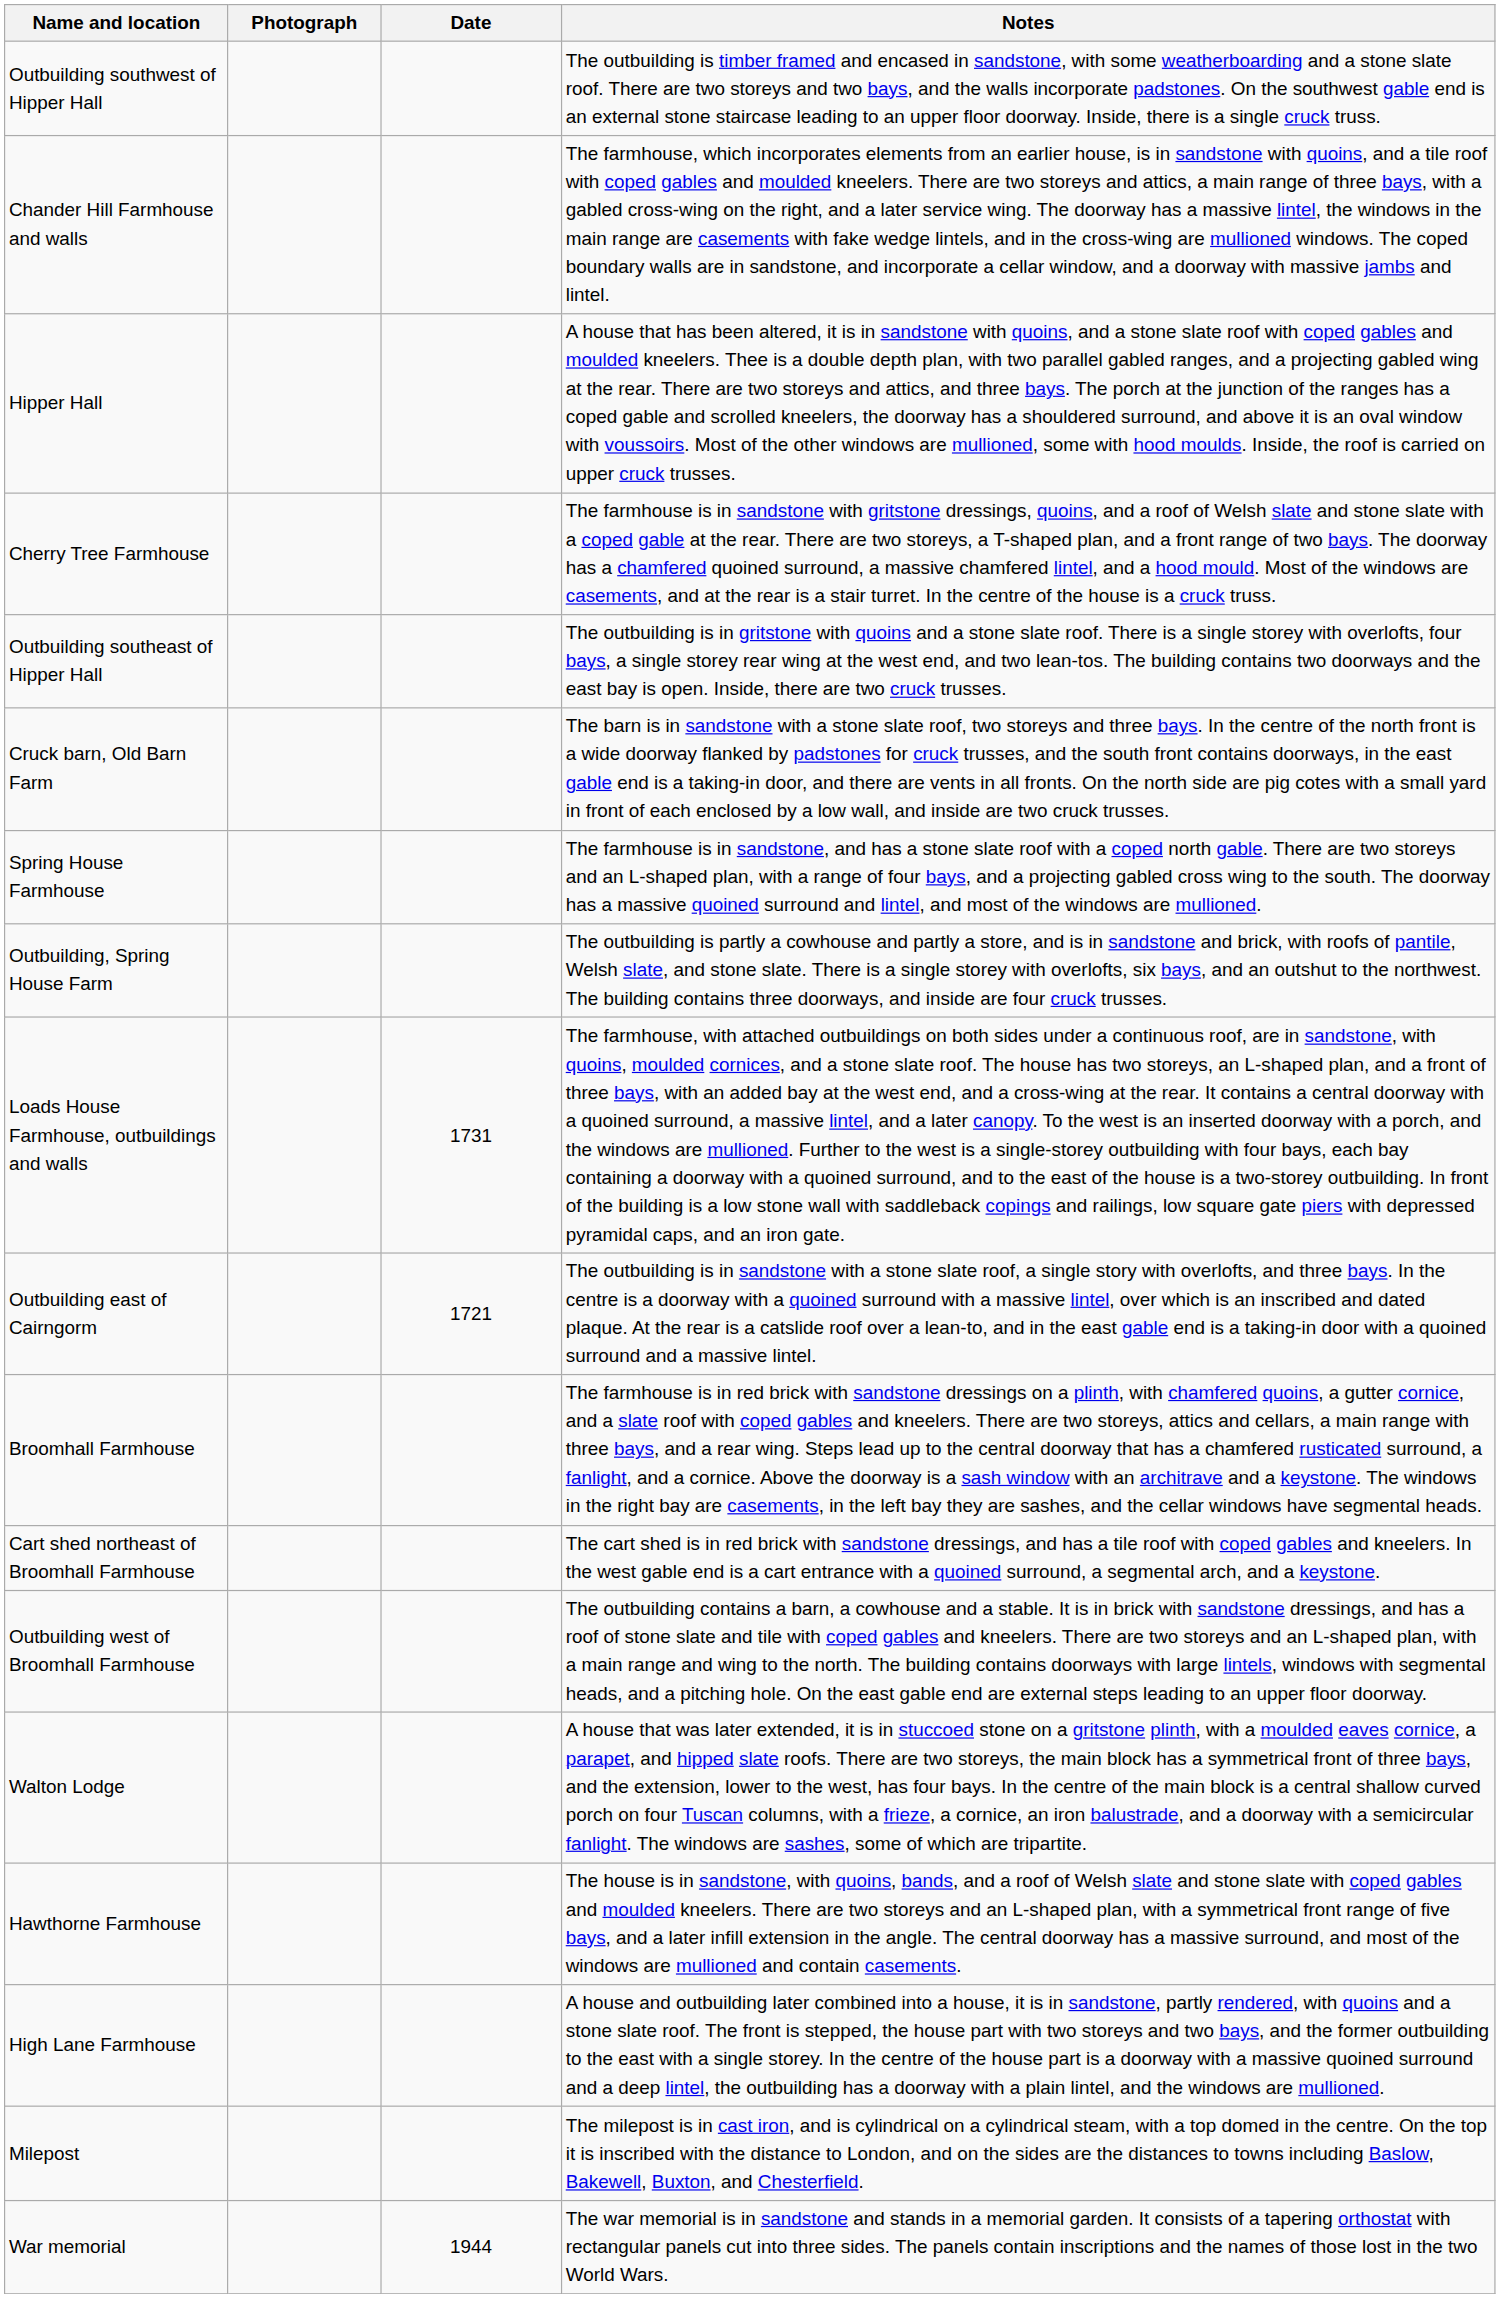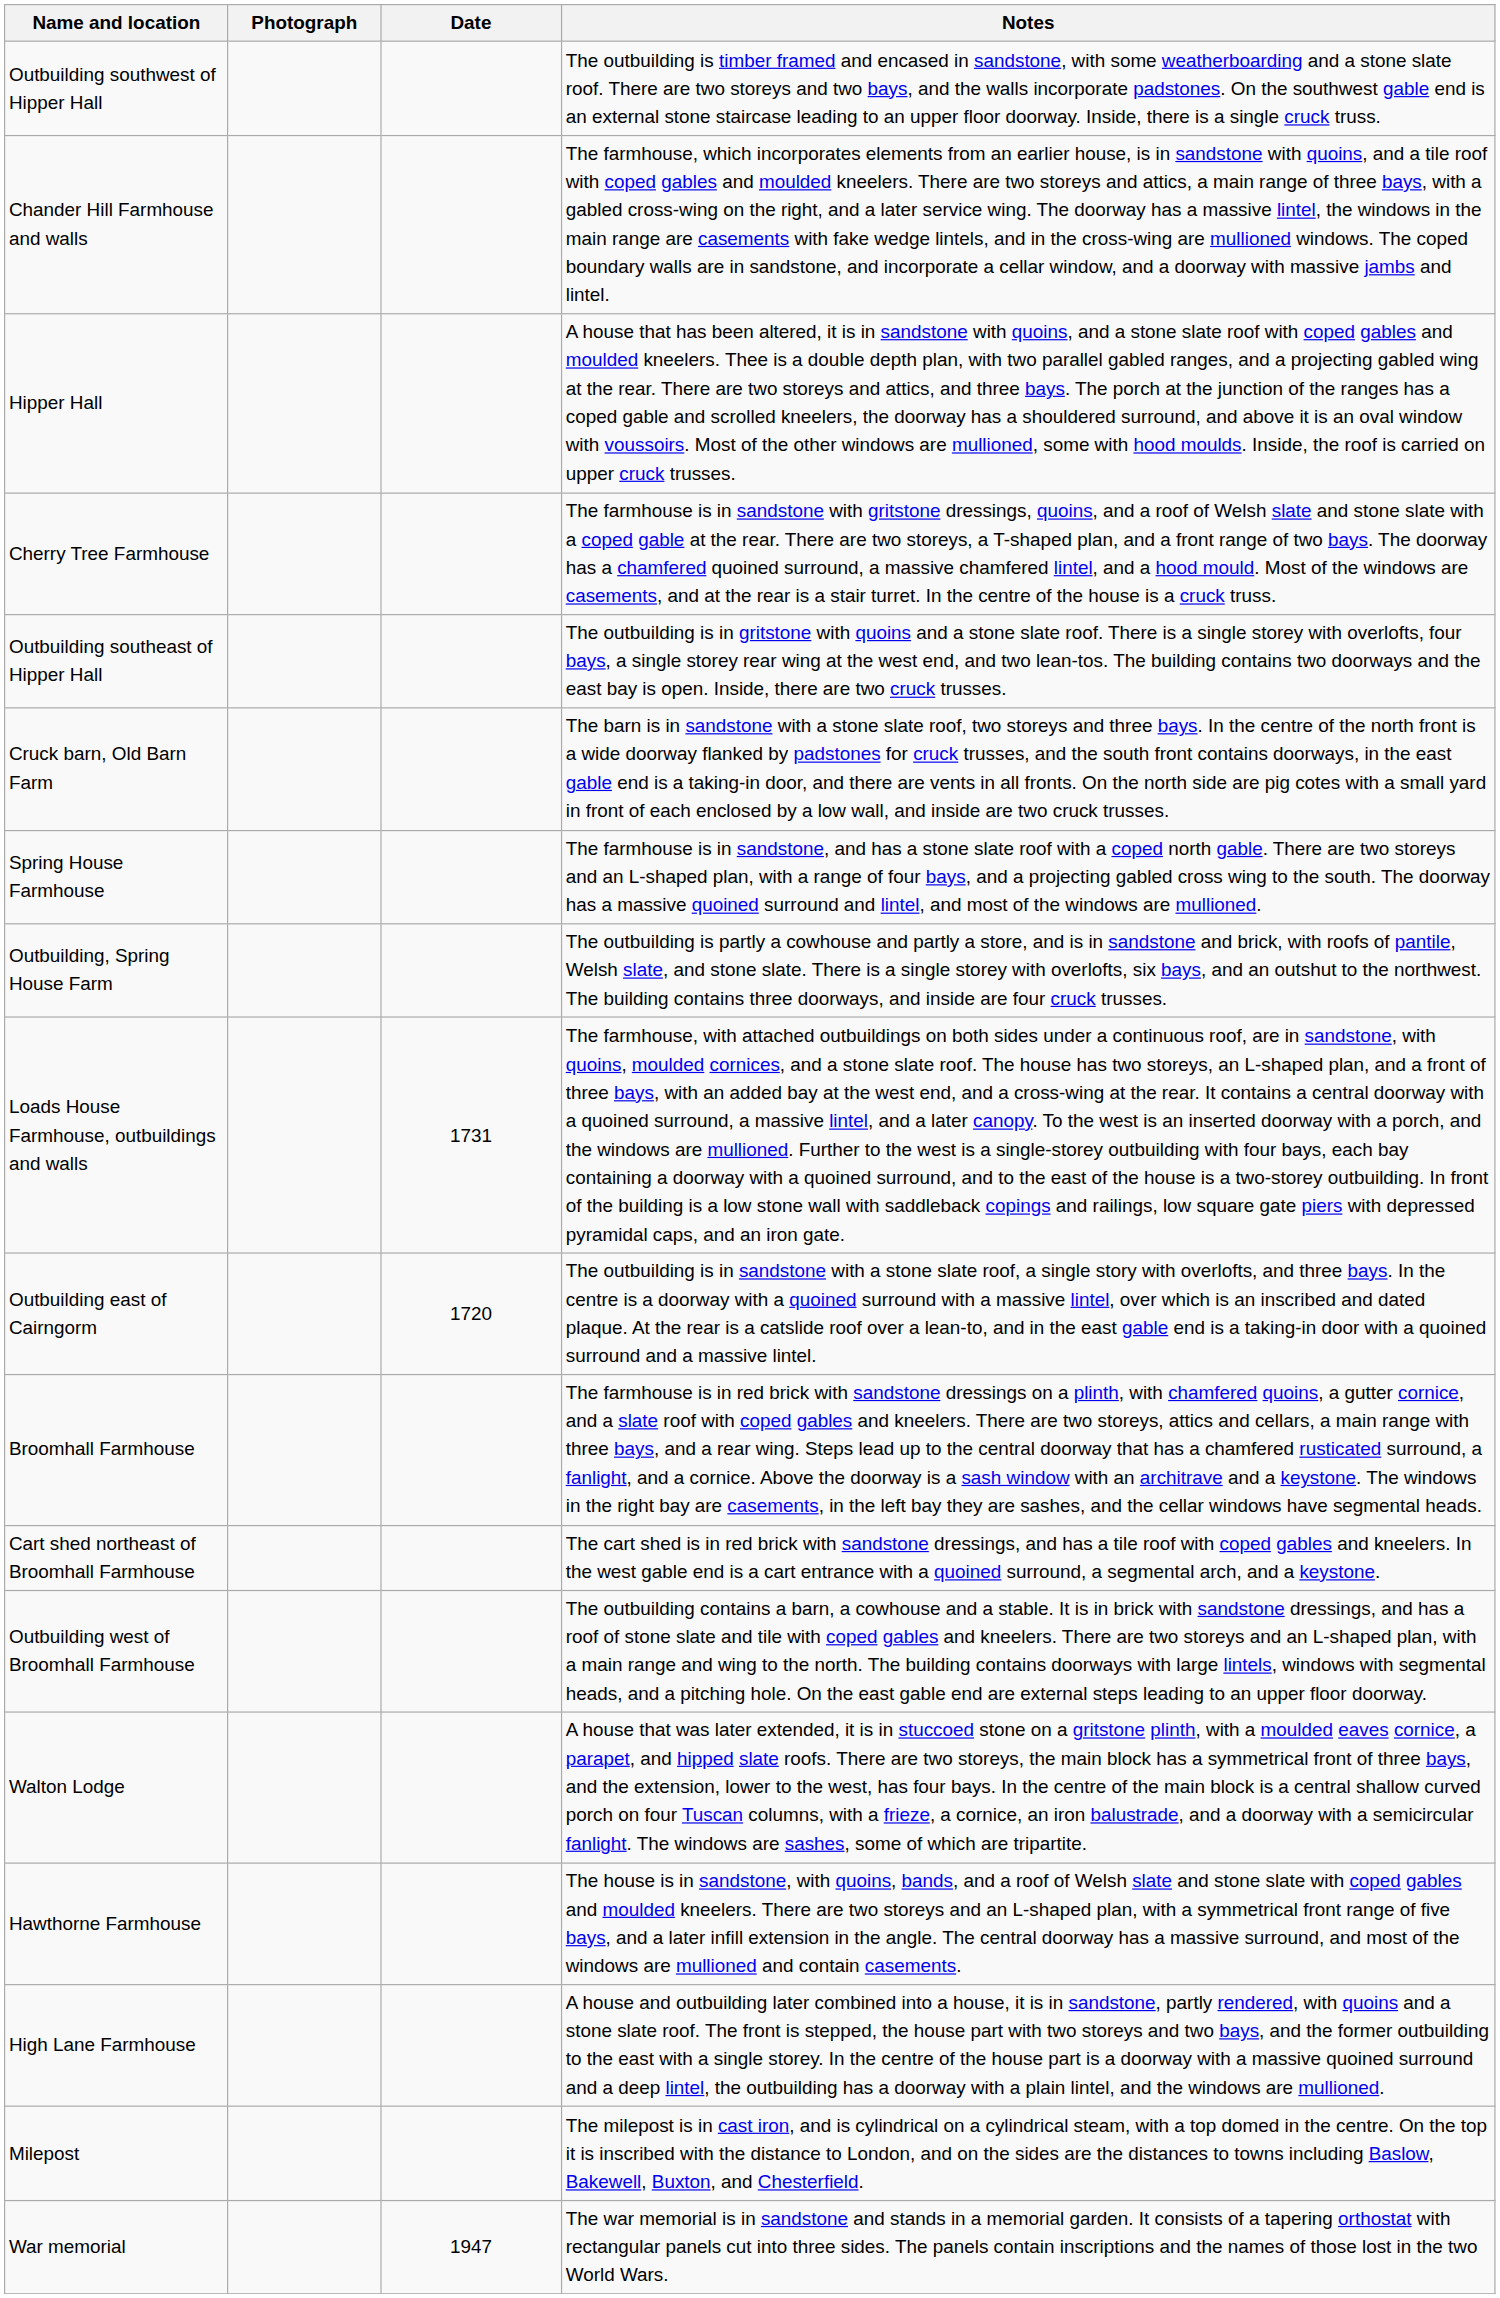 <table class="wikitable sortable plainrowheaders" style="width:100%;border:0px;text-align:left;line-height:150%;">
 <tr>
 <th scope="col"  style="width:150px">Name and location</th>
 <th scope="col"  style="width:100px" class="unsortable">Photograph</th>
 <th scope="col"  style="width:120px">Date</th>
 <th scope="col"  style="width:650px" class="unsortable">Notes</th>
 </tr>
 <tr>
 <td>Outbuilding southwest of Hipper Hall<br><small></small></td>
 <td></td>
 <td align="center"></td>
 <td>The outbuilding is <a href='#'>timber framed</a> and encased in <a href='#'>sandstone</a>, with some <a href='#'>weatherboarding</a> and a stone slate roof.  There are two storeys and two <a href='#'>bays</a>, and the walls incorporate <a href='#'>padstones</a>.  On the southwest <a href='#'>gable</a> end is an external stone staircase leading to an upper floor doorway.  Inside, there is a single <a href='#'>cruck</a> truss.</td>
 </tr>
 <tr>
 <td>Chander Hill Farmhouse and walls<br><small></small></td>
 <td></td>
 <td align="center"></td>
 <td>The farmhouse, which incorporates elements from an earlier house, is in <a href='#'>sandstone</a> with <a href='#'>quoins</a>, and a tile roof with <a href='#'>coped</a> <a href='#'>gables</a> and <a href='#'>moulded</a> kneelers.  There are two storeys and attics, a main range of three <a href='#'>bays</a>, with a gabled cross-wing on the right, and a later service wing.  The doorway has a massive <a href='#'>lintel</a>, the windows in the main range are <a href='#'>casements</a> with fake wedge lintels, and in the cross-wing are <a href='#'>mullioned</a> windows.  The coped boundary walls are in sandstone, and incorporate a cellar window, and a doorway with massive <a href='#'>jambs</a> and lintel.</td>
 </tr>
 <tr>
 <td>Hipper Hall<br><small></small></td>
 <td></td>
 <td align="center"></td>
 <td>A house that has been altered, it is in <a href='#'>sandstone</a> with <a href='#'>quoins</a>, and a stone slate roof with <a href='#'>coped</a> <a href='#'>gables</a> and <a href='#'>moulded</a> kneelers.  Thee is a double depth plan, with two parallel gabled ranges, and a projecting gabled wing at the rear. There are two storeys and attics, and three <a href='#'>bays</a>.  The porch at the junction of the ranges has a coped gable and scrolled kneelers, the doorway has a shouldered surround, and above it is an oval window with <a href='#'>voussoirs</a>.  Most of the other windows are <a href='#'>mullioned</a>, some with <a href='#'>hood moulds</a>.  Inside, the roof is carried on upper <a href='#'>cruck</a> trusses.</td>
 </tr>
 <tr>
 <td>Cherry Tree Farmhouse<br><small></small></td>
 <td></td>
 <td align="center"></td>
 <td>The farmhouse is in <a href='#'>sandstone</a> with <a href='#'>gritstone</a> dressings, <a href='#'>quoins</a>, and a roof of Welsh <a href='#'>slate</a> and stone slate with a <a href='#'>coped</a> <a href='#'>gable</a> at the rear.   There are two storeys, a T-shaped plan, and a front range of two <a href='#'>bays</a>.  The doorway has a <a href='#'>chamfered</a> quoined surround, a massive chamfered <a href='#'>lintel</a>, and a <a href='#'>hood mould</a>.  Most of the windows are <a href='#'>casements</a>, and at the rear is a stair turret.  In the centre of the house is a <a href='#'>cruck</a> truss.</td>
 </tr>
 <tr>
 <td>Outbuilding southeast of Hipper Hall<br><small></small></td>
 <td></td>
 <td align="center"></td>
 <td>The outbuilding is in <a href='#'>gritstone</a> with <a href='#'>quoins</a> and a stone slate roof.  There is a single storey with overlofts, four <a href='#'>bays</a>, a single storey rear wing at the west end, and two lean-tos.  The building contains two doorways and the east bay is open.  Inside, there are two <a href='#'>cruck</a> trusses.</td>
 </tr>
 <tr>
 <td>Cruck barn, Old Barn Farm<br><small></small></td>
 <td></td>
 <td align="center"></td>
 <td>The barn is in <a href='#'>sandstone</a> with a stone slate roof, two storeys and three <a href='#'>bays</a>.  In the centre of the north front is a wide doorway flanked by <a href='#'>padstones</a> for <a href='#'>cruck</a> trusses, and the south front contains doorways, in the east <a href='#'>gable</a> end is a taking-in door, and there are vents in all fronts.  On the north side are pig cotes with a small yard in front of each enclosed by a low wall, and inside are two cruck trusses.</td>
 </tr>
 <tr>
 <td>Spring House Farmhouse<br><small></small></td>
 <td></td>
 <td align="center"></td>
 <td>The farmhouse is in <a href='#'>sandstone</a>, and has a stone slate roof with a <a href='#'>coped</a> north <a href='#'>gable</a>.  There are two storeys and an L-shaped plan, with a range of four <a href='#'>bays</a>, and a projecting gabled cross wing to the south.  The doorway has a massive <a href='#'>quoined</a> surround and <a href='#'>lintel</a>, and most of the windows are <a href='#'>mullioned</a>.</td>
 </tr>
 <tr>
 <td>Outbuilding, Spring House Farm<br><small></small></td>
 <td></td>
 <td align="center"></td>
 <td>The outbuilding is partly a cowhouse and partly a store, and is in <a href='#'>sandstone</a> and brick, with roofs of <a href='#'>pantile</a>, Welsh <a href='#'>slate</a>, and stone slate.  There is a single storey with overlofts, six <a href='#'>bays</a>, and an outshut to the northwest.  The building contains three doorways, and inside are four <a href='#'>cruck</a> trusses.</td>
 </tr>
 <tr>
 <td>Loads House Farmhouse, outbuildings and walls<br><small></small></td>
 <td></td>
 <td align="center">1731</td>
 <td>The farmhouse, with attached outbuildings on both sides under a continuous roof, are in <a href='#'>sandstone</a>, with <a href='#'>quoins</a>, <a href='#'>moulded</a> <a href='#'>cornices</a>, and a stone slate roof.  The house has two storeys, an L-shaped plan, and a front of three <a href='#'>bays</a>, with an added bay at the west end, and a cross-wing at the rear.  It contains a central doorway with a quoined surround, a massive <a href='#'>lintel</a>, and a later <a href='#'>canopy</a>.  To the west is an inserted doorway with a porch, and the windows are <a href='#'>mullioned</a>. Further to the west is a single-storey outbuilding with four bays, each bay containing a doorway with a quoined surround, and to the east of the house is a two-storey outbuilding.  In front of the building is a low stone wall with saddleback <a href='#'>copings</a> and railings, low square gate <a href='#'>piers</a> with depressed pyramidal caps, and an iron gate.</td>
 </tr>
 <tr>
 <td>Outbuilding east of Cairngorm<br><small></small></td>
 <td></td>
-<td align="center">1721</td>
+<td align="center">1720</td>
 <td>The outbuilding is in <a href='#'>sandstone</a> with a stone slate roof, a single story with overlofts, and three <a href='#'>bays</a>.  In the centre is a doorway with a <a href='#'>quoined</a> surround with a massive <a href='#'>lintel</a>, over which is an inscribed and dated plaque.  At the rear is a catslide roof over a lean-to, and in the east <a href='#'>gable</a> end is a taking-in door with a quoined surround and a massive lintel.</td>
 </tr>
 <tr>
 <td>Broomhall Farmhouse<br><small></small></td>
 <td></td>
 <td align="center"></td>
 <td>The farmhouse is in red brick with <a href='#'>sandstone</a> dressings on a <a href='#'>plinth</a>, with <a href='#'>chamfered</a> <a href='#'>quoins</a>, a gutter <a href='#'>cornice</a>, and a <a href='#'>slate</a> roof with <a href='#'>coped</a> <a href='#'>gables</a> and kneelers.  There are two storeys, attics and cellars, a main range with three <a href='#'>bays</a>, and a rear wing.  Steps lead up to the central doorway that has a chamfered <a href='#'>rusticated</a> surround, a <a href='#'>fanlight</a>, and a cornice.  Above the doorway is a <a href='#'>sash window</a> with an <a href='#'>architrave</a> and a <a href='#'>keystone</a>.  The windows in the right bay are <a href='#'>casements</a>, in the left bay they are sashes, and the cellar windows have segmental heads.</td>
 </tr>
 <tr>
 <td>Cart shed northeast of Broomhall Farmhouse<br><small></small></td>
 <td></td>
 <td align="center"></td>
 <td>The cart shed is in red brick with <a href='#'>sandstone</a> dressings, and has a tile roof with <a href='#'>coped</a> <a href='#'>gables</a> and kneelers.  In the west gable end is a cart entrance with a <a href='#'>quoined</a> surround, a segmental arch, and a <a href='#'>keystone</a>.</td>
 </tr>
 <tr>
 <td>Outbuilding west of Broomhall Farmhouse<br><small></small></td>
 <td></td>
 <td align="center"></td>
 <td>The outbuilding contains a barn, a cowhouse and a stable.  It is in brick with <a href='#'>sandstone</a> dressings, and has a roof of stone slate and tile with <a href='#'>coped</a> <a href='#'>gables</a> and kneelers.  There are two storeys and an L-shaped plan, with a main range and wing to the north.  The building contains doorways with large <a href='#'>lintels</a>, windows with segmental heads, and a pitching hole.  On the east gable end are external steps leading to an upper floor doorway.</td>
 </tr>
 <tr>
 <td>Walton Lodge<br><small></small></td>
 <td></td>
 <td align="center"></td>
 <td>A house that was later extended, it is in <a href='#'>stuccoed</a> stone on a <a href='#'>gritstone</a> <a href='#'>plinth</a>, with a <a href='#'>moulded</a> <a href='#'>eaves</a> <a href='#'>cornice</a>, a <a href='#'>parapet</a>, and <a href='#'>hipped</a> <a href='#'>slate</a> roofs.  There are two storeys, the main block has a symmetrical front of three <a href='#'>bays</a>, and the extension, lower to the west, has four bays.  In the centre of the main block is a central shallow curved porch on four <a href='#'>Tuscan</a> columns, with a <a href='#'>frieze</a>, a cornice, an iron <a href='#'>balustrade</a>, and a doorway with a semicircular <a href='#'>fanlight</a>.  The windows are <a href='#'>sashes</a>, some of which are tripartite.</td>
 </tr>
 <tr>
 <td>Hawthorne Farmhouse<br><small></small></td>
 <td></td>
 <td align="center"></td>
 <td>The house is in <a href='#'>sandstone</a>, with <a href='#'>quoins</a>, <a href='#'>bands</a>, and a roof of Welsh <a href='#'>slate</a> and stone slate with <a href='#'>coped</a> <a href='#'>gables</a> and <a href='#'>moulded</a> kneelers.  There are two storeys and an L-shaped plan, with a symmetrical front range of five <a href='#'>bays</a>, and a later infill extension in the angle.  The central doorway has a massive surround, and most of the windows are <a href='#'>mullioned</a> and contain <a href='#'>casements</a>.</td>
 </tr>
 <tr>
 <td>High Lane Farmhouse<br><small></small></td>
 <td></td>
 <td align="center"></td>
 <td>A house and outbuilding later combined into a house, it is in <a href='#'>sandstone</a>, partly <a href='#'>rendered</a>, with <a href='#'>quoins</a> and a stone slate roof.  The front is stepped, the house part with two storeys and two <a href='#'>bays</a>, and the former outbuilding to the east with a single storey.  In the centre of the house part is a doorway with a massive quoined surround and a deep <a href='#'>lintel</a>, the outbuilding has a doorway with a plain lintel, and the windows are <a href='#'>mullioned</a>.</td>
 </tr>
 <tr>
 <td>Milepost<br><small></small></td>
 <td></td>
 <td align="center"></td>
 <td>The milepost is in <a href='#'>cast iron</a>, and is cylindrical on a cylindrical steam, with a top domed in the centre.  On the top it is inscribed with the distance to London, and on the sides are the distances to towns including <a href='#'>Baslow</a>, <a href='#'>Bakewell</a>, <a href='#'>Buxton</a>, and <a href='#'>Chesterfield</a>.</td>
 </tr>
 <tr>
 <td>War memorial<br><small></small></td>
 <td></td>
-<td align="center">1944</td>
+<td align="center">1947</td>
 <td>The war memorial is in <a href='#'>sandstone</a> and stands in a memorial garden.  It consists of a tapering <a href='#'>orthostat</a> with rectangular panels cut into three sides.  The panels contain inscriptions and the names of those lost in the two World Wars.</td>
 </tr>
 <tr>
 </tr>
 </table>
